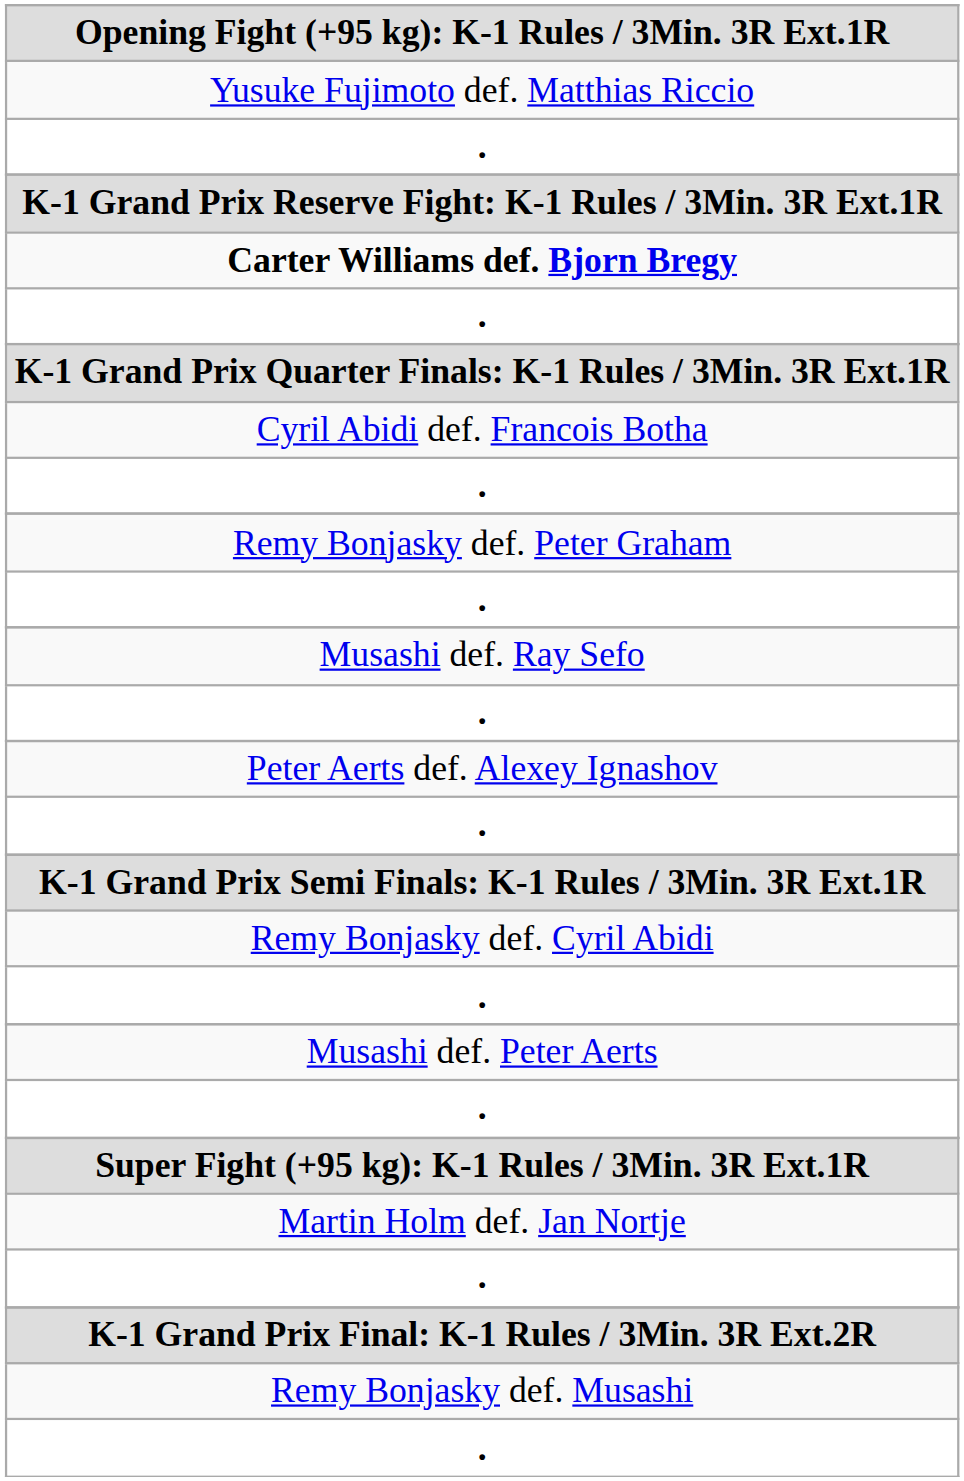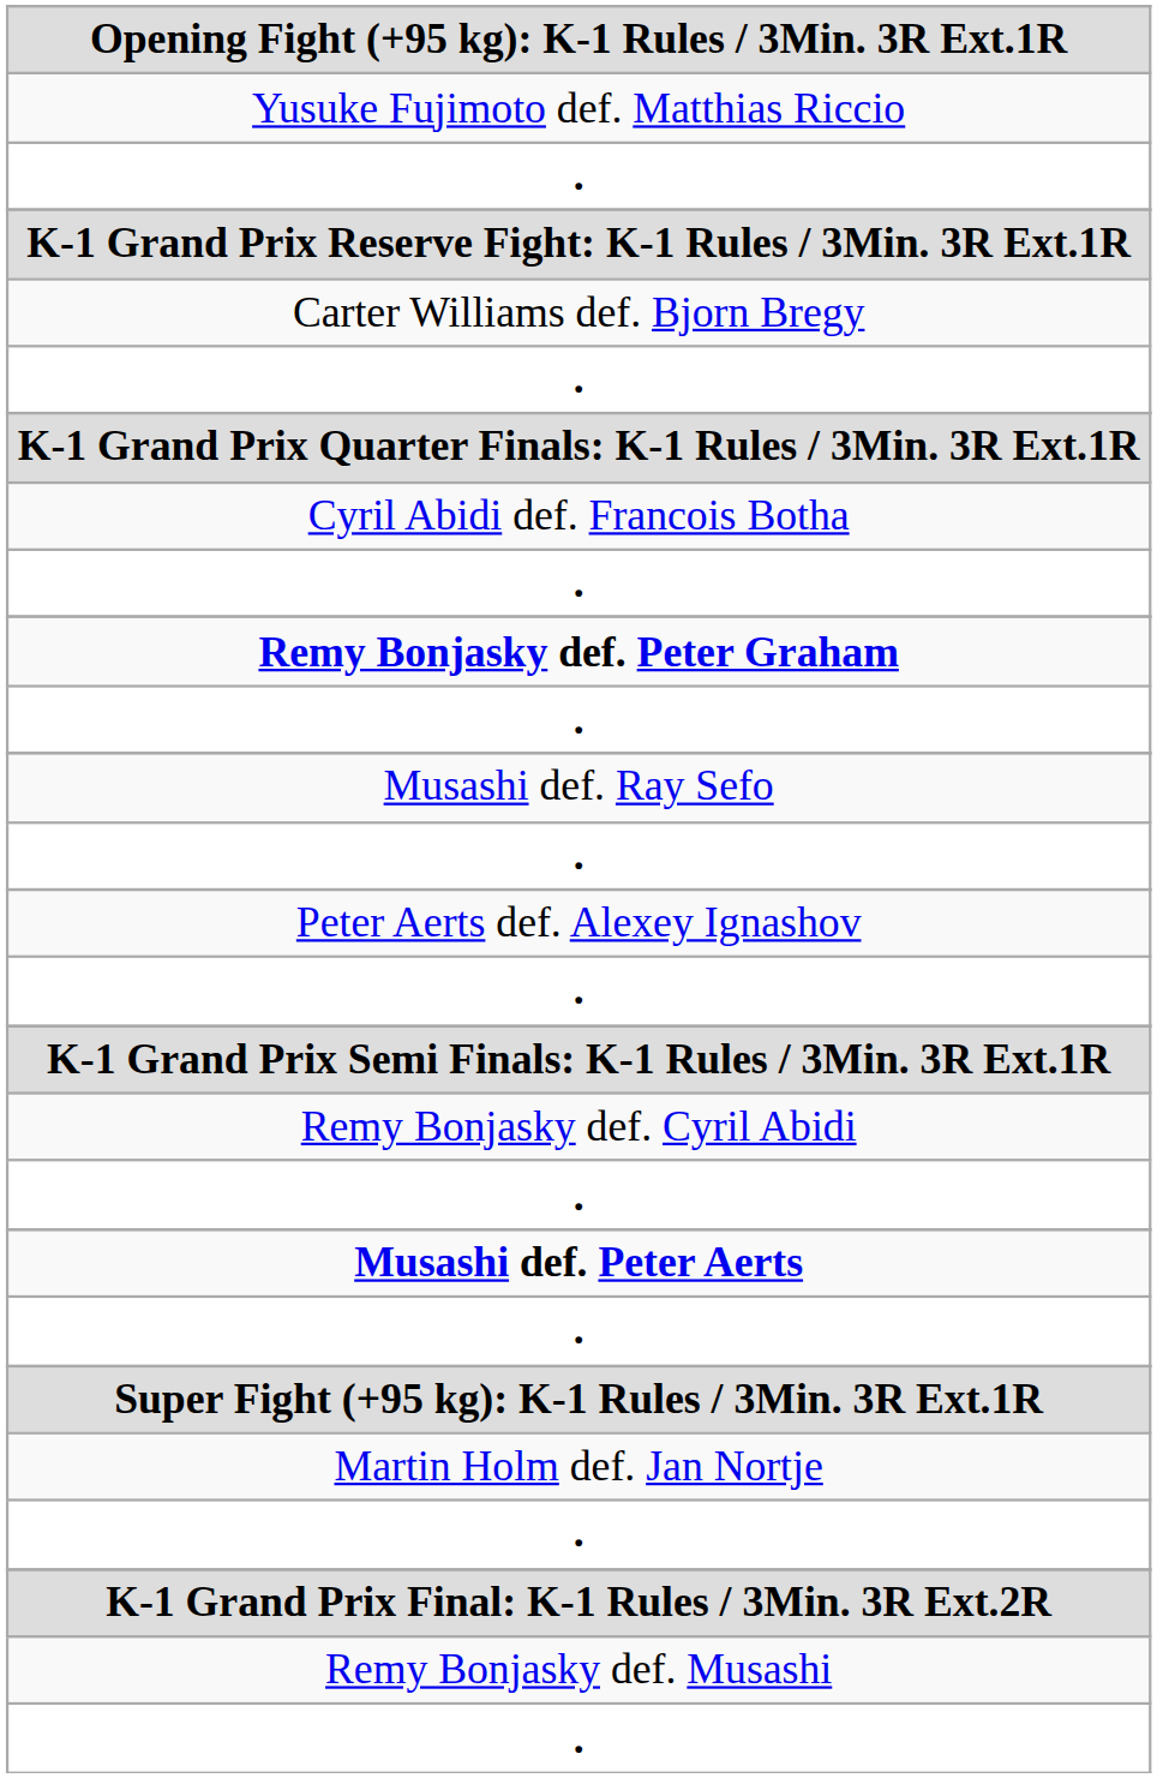 <table class="wikitable" style="clear:both; margin:1.5em auto; text-align:center;">
 <tr>
 </tr>
 <tr align="center"  bgcolor="#dddddd">
 <td><strong>Opening Fight (+95 kg): K-1 Rules / 3Min. 3R Ext.1R</strong></td>
 </tr>
 <tr align="center"  bgcolor=>
 <td align=center> <a href='#'>Yusuke Fujimoto</a> def. <a href='#'>Matthias Riccio</a> </td>
 </tr>
 <tr>
 <th style=background:white colspan=2>.</th>
 </tr>
 <tr>
 </tr>
 <tr align="center"  bgcolor="#dddddd">
 <td><strong>K-1 Grand Prix Reserve Fight: K-1 Rules / 3Min. 3R Ext.1R</strong></td>
 </tr>
 <tr align="center"  bgcolor=>
-<td align=center><strong> Carter Williams def. <a href='#'>Bjorn Bregy</a> </strong></td>
+<td align=center> Carter Williams def. <a href='#'>Bjorn Bregy</a> </td>
 </tr>
 <tr>
 <th style=background:white colspan=2>.</th>
 </tr>
 <tr>
 </tr>
 <tr align="center"  bgcolor="#dddddd">
 <td><strong>K-1 Grand Prix Quarter Finals: K-1 Rules / 3Min. 3R Ext.1R</strong></td>
 </tr>
 <tr align="center"  bgcolor=>
 <td align=center> <a href='#'>Cyril Abidi</a> def. <a href='#'>Francois Botha</a> </td>
 </tr>
 <tr>
 <th style=background:white colspan=2>.</th>
 </tr>
 <tr>
 </tr>
 <tr align="center"  bgcolor=>
-<td align=center> <a href='#'>Remy Bonjasky</a> def. <a href='#'>Peter Graham</a> </td>
+<td align=center><strong> <a href='#'>Remy Bonjasky</a> def. <a href='#'>Peter Graham</a> </strong></td>
 </tr>
 <tr>
 <th style=background:white colspan=2>.</th>
 </tr>
 <tr>
 </tr>
 <tr align="center"  bgcolor=>
 <td align=center> <a href='#'>Musashi</a> def. <a href='#'>Ray Sefo</a> </td>
 </tr>
 <tr>
 <th style=background:white colspan=2>.</th>
 </tr>
 <tr>
 </tr>
 <tr align="center"  bgcolor=>
 <td align=center> <a href='#'>Peter Aerts</a> def. <a href='#'>Alexey Ignashov</a> </td>
 </tr>
 <tr>
 <th style=background:white colspan=2>.</th>
 </tr>
 <tr>
 </tr>
 <tr align="center"  bgcolor="#dddddd">
 <td><strong>K-1 Grand Prix Semi Finals: K-1 Rules / 3Min. 3R Ext.1R</strong></td>
 </tr>
 <tr align="center"  bgcolor=>
 <td align=center> <a href='#'>Remy Bonjasky</a> def. <a href='#'>Cyril Abidi</a> </td>
 </tr>
 <tr>
 <th style=background:white colspan=2>.</th>
 </tr>
 <tr>
 </tr>
 <tr align="center"  bgcolor=>
-<td align=center> <a href='#'>Musashi</a> def. <a href='#'>Peter Aerts</a> </td>
+<td align=center><strong> <a href='#'>Musashi</a> def. <a href='#'>Peter Aerts</a> </strong></td>
 </tr>
 <tr>
 <th style=background:white colspan=2>.</th>
 </tr>
 <tr>
 </tr>
 <tr align="center"  bgcolor="#dddddd">
 <td><strong>Super Fight (+95 kg): K-1 Rules / 3Min. 3R Ext.1R</strong></td>
 </tr>
 <tr align="center"  bgcolor=>
 <td align=center> <a href='#'>Martin Holm</a> def. <a href='#'>Jan Nortje</a> </td>
 </tr>
 <tr>
 <th style=background:white colspan=2>.</th>
 </tr>
 <tr>
 </tr>
 <tr align="center"  bgcolor="#dddddd">
 <td><strong>K-1 Grand Prix Final: K-1 Rules / 3Min. 3R Ext.2R</strong></td>
 </tr>
 <tr align="center"  bgcolor=>
 <td align=center> <a href='#'>Remy Bonjasky</a> def. <a href='#'>Musashi</a> </td>
 </tr>
 <tr>
 <th style=background:white colspan=2>.</th>
 </tr>
 <tr>
 </tr>
 </table>
